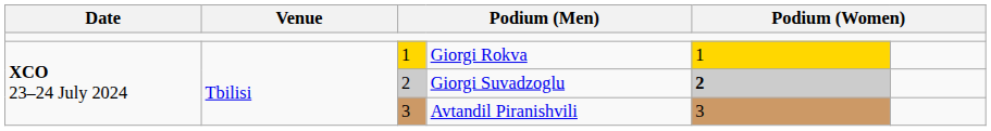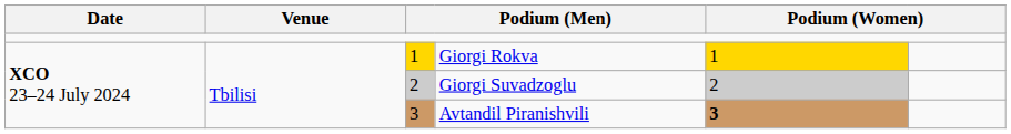 <table class="wikitable" width=70%>
 <tr>
 <th>Date</th>
 <th width=20%>Venue</th>
 <th colspan=2 width=30%>Podium (Men)</th>
 <th colspan=2 width=30%>Podium (Women)</th>
 </tr>
 <tr>
 <td colspan=6></td>
 </tr>
 <tr>
 <td rowspan=3><strong>XCO</strong> <br> 23–24 July 2024</td>
 <td rowspan=3><br><a href='#'>Tbilisi</a></td>
 <td bgcolor=FFD700>1</td>
 <td><a href='#'>Giorgi Rokva</a></td>
 <td bgcolor=FFD700>1</td>
 <td></td>
 </tr>
 <tr>
 <td bgcolor=CCCCCC>2</td>
 <td><a href='#'>Giorgi Suvadzoglu</a></td>
-<td bgcolor=CCCCCC><strong>2</strong></td>
+<td bgcolor=CCCCCC>2</td>
 <td></td>
 </tr>
 <tr>
 <td bgcolor=CC9966>3</td>
 <td><a href='#'>Avtandil Piranishvili</a></td>
-<td bgcolor=CC9966>3</td>
+<td bgcolor=CC9966><strong>3</strong></td>
 <td></td>
 </tr>
 </table>
